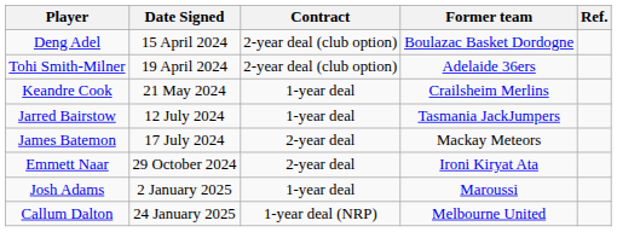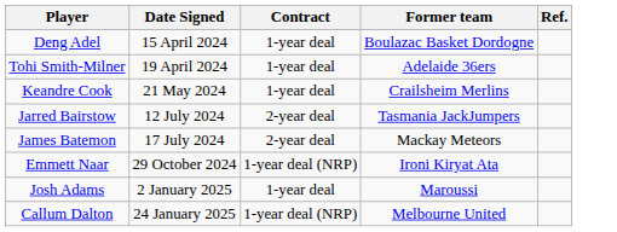 <table class="wikitable sortable sortable" style="text-align: center">
 <tr>
 <th>Player</th>
 <th>Date Signed</th>
 <th>Contract</th>
 <th>Former team</th>
 <th>Ref.</th>
 </tr>
 <tr>
 <td><a href='#'>Deng Adel</a></td>
 <td>15 April 2024</td>
-<td>2-year deal (club option)</td>
+<td>1-year deal</td>
 <td><a href='#'>Boulazac Basket Dordogne</a></td>
 <td></td>
 </tr>
 <tr>
 <td><a href='#'>Tohi Smith-Milner</a></td>
 <td>19 April 2024</td>
-<td>2-year deal (club option)</td>
+<td>1-year deal</td>
 <td><a href='#'>Adelaide 36ers</a></td>
 <td></td>
 </tr>
 <tr>
 <td><a href='#'>Keandre Cook</a></td>
 <td>21 May 2024</td>
 <td>1-year deal</td>
 <td><a href='#'>Crailsheim Merlins</a></td>
 <td></td>
 </tr>
 <tr>
 <td><a href='#'>Jarred Bairstow</a></td>
 <td>12 July 2024</td>
-<td>1-year deal</td>
+<td>2-year deal</td>
 <td><a href='#'>Tasmania JackJumpers</a></td>
 <td></td>
 </tr>
 <tr>
 <td><a href='#'>James Batemon</a></td>
 <td>17 July 2024</td>
 <td>2-year deal</td>
 <td>Mackay Meteors</td>
 <td></td>
 </tr>
 <tr>
 <td><a href='#'>Emmett Naar</a></td>
 <td>29 October 2024</td>
-<td>2-year deal</td>
+<td>1-year deal (NRP)</td>
 <td><a href='#'>Ironi Kiryat Ata</a></td>
 <td></td>
 </tr>
 <tr>
 <td><a href='#'>Josh Adams</a></td>
 <td>2 January 2025</td>
 <td>1-year deal</td>
 <td><a href='#'>Maroussi</a></td>
 <td></td>
 </tr>
 <tr>
 <td><a href='#'>Callum Dalton</a></td>
 <td>24 January 2025</td>
 <td>1-year deal (NRP)</td>
 <td><a href='#'>Melbourne United</a></td>
 <td></td>
 </tr>
 </table>
